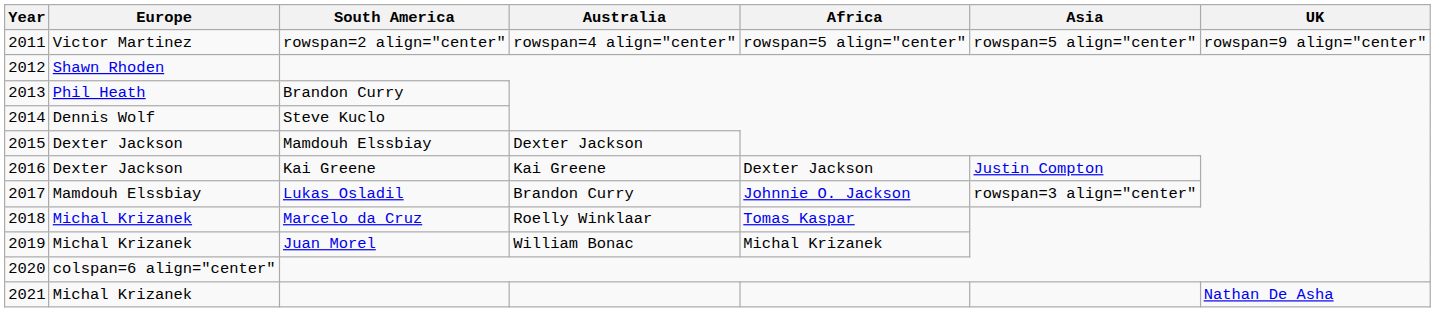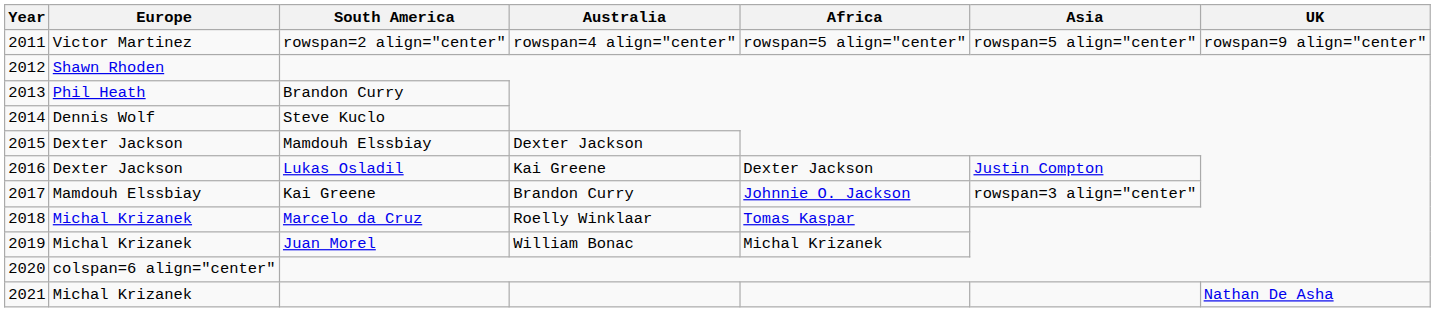 <table class="wikitable">
 <tr>
 <th>Year</th>
 <th>Europe</th>
 <th>South America</th>
 <th>Australia</th>
 <th>Africa</th>
 <th>Asia</th>
 <th>UK</th>
 </tr>
 <tr>
 <td>2011</td>
 <td> Victor Martinez</td>
 <td>rowspan=2 align="center" </td>
 <td>rowspan=4 align="center" </td>
 <td>rowspan=5 align="center" </td>
 <td>rowspan=5 align="center" </td>
 <td>rowspan=9 align="center" </td>
 </tr>
 <tr>
 <td>2012</td>
 <td> <a href='#'>Shawn Rhoden</a></td>
 </tr>
 <tr>
 <td>2013</td>
 <td> <a href='#'>Phil Heath</a></td>
 <td> Brandon Curry</td>
 </tr>
 <tr>
 <td>2014</td>
 <td> Dennis Wolf</td>
 <td> Steve Kuclo</td>
 </tr>
 <tr>
 <td>2015</td>
 <td> Dexter Jackson</td>
 <td> Mamdouh Elssbiay</td>
 <td> Dexter Jackson</td>
 </tr>
 <tr>
 <td>2016</td>
 <td> Dexter Jackson</td>
-<td> Kai Greene</td>
+<td> <a href='#'>Lukas Osladil</a></td>
 <td> Kai Greene</td>
 <td> Dexter Jackson</td>
 <td> <a href='#'>Justin Compton</a></td>
 </tr>
 <tr>
 <td>2017</td>
 <td> Mamdouh Elssbiay</td>
-<td> <a href='#'>Lukas Osladil</a></td>
+<td> Kai Greene</td>
 <td> Brandon Curry</td>
 <td> <a href='#'>Johnnie O. Jackson</a></td>
 <td>rowspan=3 align="center" </td>
 </tr>
 <tr>
 <td>2018</td>
 <td> <a href='#'>Michal Krizanek</a></td>
 <td> <a href='#'>Marcelo da Cruz</a></td>
 <td> Roelly Winklaar</td>
 <td> <a href='#'>Tomas Kaspar</a></td>
 </tr>
 <tr>
 <td>2019</td>
 <td> Michal Krizanek</td>
 <td> <a href='#'>Juan Morel</a></td>
 <td> William Bonac</td>
 <td> Michal Krizanek</td>
 </tr>
 <tr>
 <td>2020</td>
 <td>colspan=6 align="center" </td>
 </tr>
 <tr>
 <td>2021</td>
 <td> Michal Krizanek</td>
 <td></td>
 <td></td>
 <td></td>
 <td></td>
 <td> <a href='#'>Nathan De Asha</a></td>
 </tr>
 </table>
